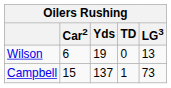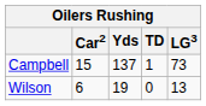 <table class="wikitable">
 <tr>
 <th colspan="5">Oilers Rushing</th>
 </tr>
 <tr>
 <th></th>
 <th>Car<sup>2</sup></th>
 <th>Yds</th>
 <th>TD</th>
 <th>LG<sup>3</sup></th>
 </tr>
 <tr>
+<td><a href='#'>Campbell</a></td>
+<td>15</td>
+<td>137</td>
+<td>1</td>
+<td>73</td>
+</tr>
+<tr>
 <td><a href='#'>Wilson</a></td>
 <td>6</td>
 <td>19</td>
 <td>0</td>
 <td>13</td>
 </tr>
-<tr>
-<td><a href='#'>Campbell</a></td>
-<td>15</td>
-<td>137</td>
-<td>1</td>
-<td>73</td>
-</tr>
 </table>
